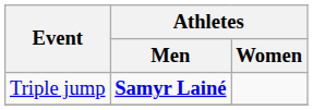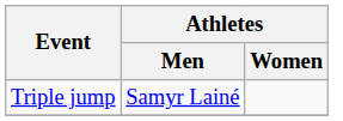 <table class=wikitable style="font-size:90%">
 <tr>
 <th rowspan=2>Event</th>
 <th colspan=2>Athletes</th>
 </tr>
 <tr>
 <th>Men</th>
 <th>Women</th>
 </tr>
 <tr>
 <td><a href='#'>Triple jump</a></td>
-<td><strong><a href='#'>Samyr Lainé</a></strong></td>
+<td><a href='#'>Samyr Lainé</a></td>
 <td></td>
 </tr>
 <tr>
 </tr>
 </table>
